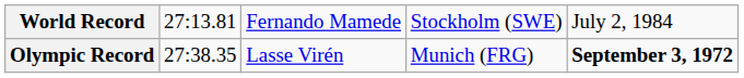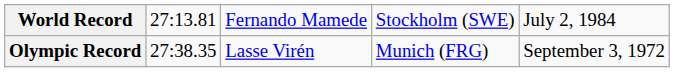 <table class="wikitable" style="font-size:95%;">
 <tr>
 <th>World Record</th>
 <td>27:13.81</td>
 <td> <a href='#'>Fernando Mamede</a></td>
 <td><a href='#'>Stockholm</a> (<a href='#'>SWE</a>)</td>
 <td>July 2, 1984</td>
 </tr>
 <tr>
 <th>Olympic Record</th>
 <td>27:38.35</td>
 <td> <a href='#'>Lasse Virén</a></td>
 <td><a href='#'>Munich</a> (<a href='#'>FRG</a>)</td>
-<td><strong>September 3, 1972</strong></td>
+<td>September 3, 1972</td>
 </tr>
 </table>
